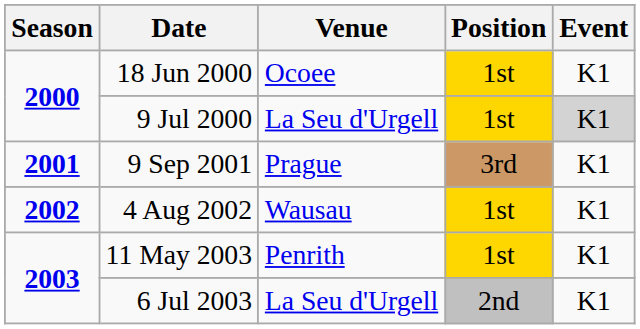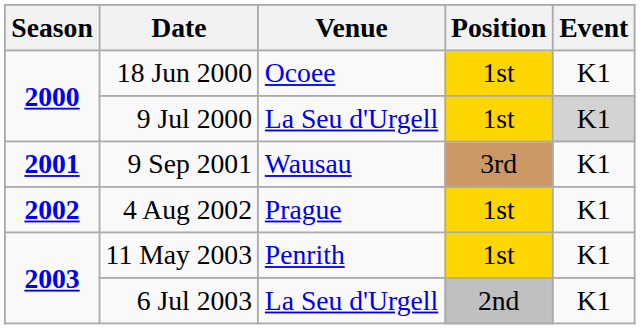 <table class="wikitable" style="text-align:center; font-size:95%;">
 <tr>
 <th>Season</th>
 <th>Date</th>
 <th>Venue</th>
 <th>Position</th>
 <th>Event</th>
 </tr>
 <tr>
 <td rowspan=2><strong><a href='#'>2000</a></strong></td>
 <td align=right>18 Jun 2000</td>
 <td align=left><a href='#'>Ocoee</a></td>
 <td bgcolor=gold>1st</td>
 <td>K1</td>
 </tr>
 <tr>
 <td align=right>9 Jul 2000</td>
 <td align=left><a href='#'>La Seu d'Urgell</a></td>
 <td bgcolor=gold>1st</td>
 <td style="background: lightgrey;">K1</td>
 </tr>
 <tr>
 <td><strong><a href='#'>2001</a></strong></td>
 <td align=right>9 Sep 2001</td>
-<td align=left><a href='#'>Prague</a></td>
+<td align=left><a href='#'>Wausau</a></td>
 <td bgcolor=cc9966>3rd</td>
 <td>K1</td>
 </tr>
 <tr>
 <td><strong><a href='#'>2002</a></strong></td>
 <td align=right>4 Aug 2002</td>
-<td align=left><a href='#'>Wausau</a></td>
+<td align=left><a href='#'>Prague</a></td>
 <td bgcolor=gold>1st</td>
 <td>K1</td>
 </tr>
 <tr>
 <td rowspan=2><strong><a href='#'>2003</a></strong></td>
 <td align=right>11 May 2003</td>
 <td align=left><a href='#'>Penrith</a></td>
 <td bgcolor=gold>1st</td>
 <td>K1</td>
 </tr>
 <tr>
 <td align=right>6 Jul 2003</td>
 <td align=left><a href='#'>La Seu d'Urgell</a></td>
 <td bgcolor=silver>2nd</td>
 <td>K1</td>
 </tr>
 </table>
